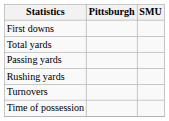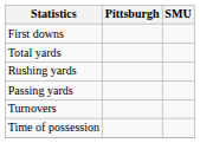 <table class="wikitable" style="float: left;">
 <tr>
 <th>Statistics</th>
 <th>Pittsburgh</th>
 <th>SMU</th>
 </tr>
 <tr>
 <td>First downs</td>
 <td></td>
 <td></td>
 </tr>
 <tr>
 <td>Total yards</td>
 <td></td>
 <td></td>
 </tr>
 <tr>
-<td>Passing yards</td>
+<td>Rushing yards</td>
 <td></td>
 <td></td>
 </tr>
 <tr>
-<td>Rushing yards</td>
+<td>Passing yards</td>
 <td></td>
 <td></td>
 </tr>
 <tr>
 <td>Turnovers</td>
 <td></td>
 <td></td>
 </tr>
 <tr>
 <td>Time of possession</td>
 <td></td>
 <td></td>
 </tr>
 <tr>
 </tr>
 </table>
